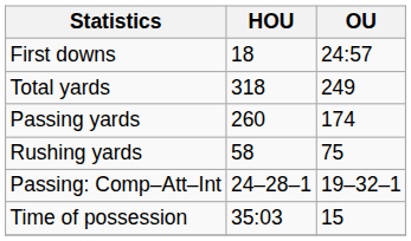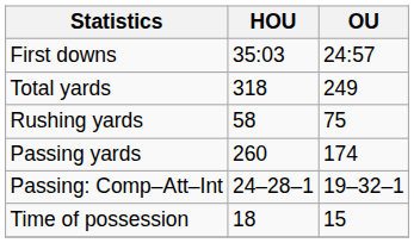 <table class="wikitable" style="float: left;">
 <tr>
 <th>Statistics</th>
 <th>HOU</th>
 <th>OU</th>
 </tr>
 <tr>
 <td>First downs</td>
-<td>18</td>
+<td>35:03</td>
 <td>24:57</td>
 </tr>
 <tr>
 <td>Total yards</td>
 <td>318</td>
 <td>249</td>
 </tr>
 <tr>
+<td>Rushing yards</td>
+<td>58</td>
+<td>75</td>
+</tr>
+<tr>
 <td>Passing yards</td>
 <td>260</td>
 <td>174</td>
-</tr>
-<tr>
-<td>Rushing yards</td>
-<td>58</td>
-<td>75</td>
 </tr>
 <tr>
 <td>Passing: Comp–Att–Int</td>
 <td>24–28–1</td>
 <td>19–32–1</td>
 </tr>
 <tr>
 <td>Time of possession</td>
-<td>35:03</td>
+<td>18</td>
 <td>15</td>
 </tr>
 <tr>
 </tr>
 </table>
